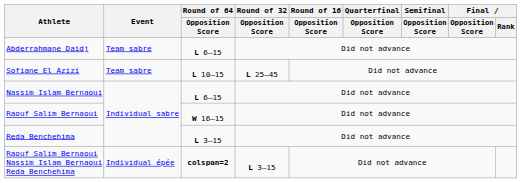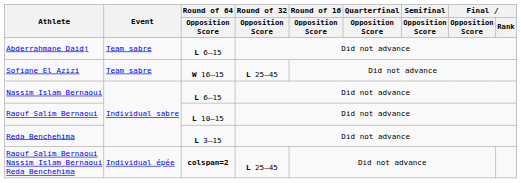 <table class="wikitable" style="font-size:90%">
 <tr>
 <th rowspan="2">Athlete</th>
 <th rowspan="2">Event</th>
 <th>Round of 64</th>
 <th>Round of 32</th>
 <th>Round of 16</th>
 <th>Quarterfinal</th>
 <th>Semifinal</th>
 <th colspan=2>Final / </th>
 </tr>
 <tr style="font-size:95%">
 <th>Opposition <br> Score</th>
 <th>Opposition <br> Score</th>
 <th>Opposition <br> Score</th>
 <th>Opposition <br> Score</th>
 <th>Opposition <br> Score</th>
 <th>Opposition <br> Score</th>
 <th>Rank</th>
 </tr>
 <tr align=center>
 <td align=left><a href='#'>Abderrahmane Daidj</a></td>
 <td align=left><a href='#'>Team sabre</a></td>
 <td><br><strong>L</strong> 6–15</td>
 <td colspan=6>Did not advance</td>
 </tr>
 <tr align=center>
 <td align=left><a href='#'>Sofiane El Azizi</a></td>
 <td align=left><a href='#'>Team sabre</a></td>
-<td><br><strong>L</strong> 10–15</td>
+<td><br><strong>W</strong> 16–15</td>
 <td><br><strong>L</strong> 25–45</td>
 <td colspan=5>Did not advance</td>
 </tr>
 <tr align=center>
 <td align=left><a href='#'>Nassim Islam Bernaoui</a></td>
 <td align=left rowspan=3><a href='#'>Individual sabre</a></td>
 <td><br><strong>L</strong> 6–15</td>
 <td colspan=6>Did not advance</td>
 </tr>
 <tr align=center>
 <td align=left><a href='#'>Raouf Salim Bernaoui</a></td>
-<td><br><strong>W</strong> 16–15</td>
+<td><br><strong>L</strong> 10–15</td>
 <td colspan=6>Did not advance</td>
 </tr>
 <tr align=center>
 <td align=left><a href='#'>Reda Benchehima</a></td>
 <td><br><strong>L</strong> 3–15</td>
 <td colspan=6>Did not advance</td>
 </tr>
 <tr align=center>
 <td align=left><a href='#'>Raouf Salim Bernaoui</a><br><a href='#'>Nassim Islam Bernaoui</a><br><a href='#'>Reda Benchehima</a></td>
 <td align=left><a href='#'>Individual épée</a></td>
 <td><strong>colspan=2 </strong></td>
-<td><br><strong>L</strong> 3–15</td>
+<td><br><strong>L</strong> 25–45</td>
 <td colspan=4>Did not advance</td>
 </tr>
 </table>
